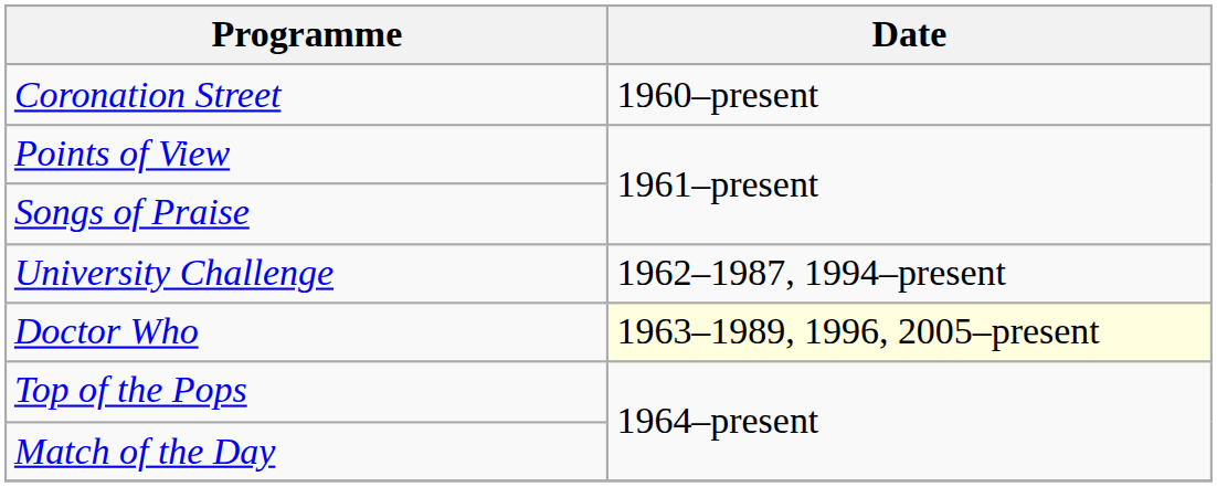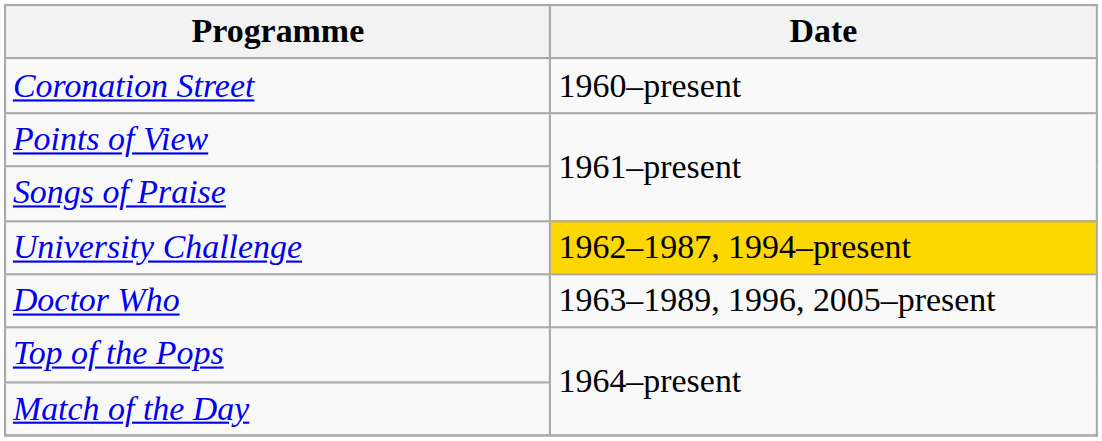 <table class="wikitable">
 <tr>
 <th width=250>Programme</th>
 <th width=250>Date</th>
 </tr>
 <tr>
 <td><em><a href='#'>Coronation Street</a></em></td>
 <td>1960–present</td>
 </tr>
 <tr>
 <td><em><a href='#'>Points of View</a></em></td>
 <td rowspan="2">1961–present</td>
 </tr>
 <tr>
 <td><em><a href='#'>Songs of Praise</a></em></td>
 </tr>
 <tr>
 <td><em><a href='#'>University Challenge</a></em></td>
-<td>1962–1987, 1994–present</td>
+<td style="background: gold;">1962–1987, 1994–present</td>
 </tr>
 <tr>
 <td><em><a href='#'>Doctor Who</a></em></td>
-<td style="background: lightyellow;">1963–1989, 1996, 2005–present</td>
+<td>1963–1989, 1996, 2005–present</td>
 </tr>
 <tr>
 <td><em><a href='#'>Top of the Pops</a></em></td>
 <td rowspan="2">1964–present</td>
 </tr>
 <tr>
 <td><em><a href='#'>Match of the Day</a></em></td>
 </tr>
 <tr>
 </tr>
 </table>
